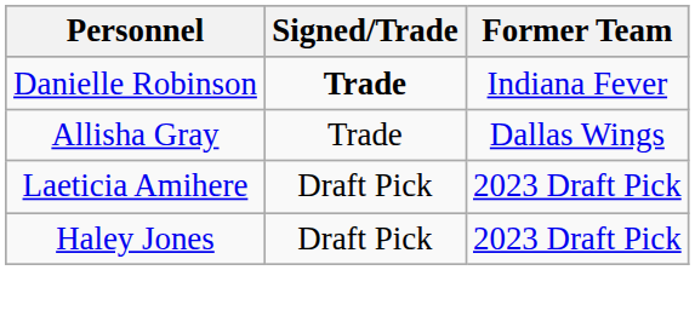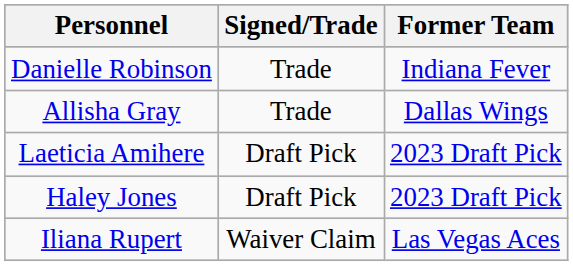 <table class="wikitable" style="text-align: center">
 <tr align="center" bgcolor="#dddddd">
 <th><strong>Personnel</strong></th>
 <th><strong>Signed/Trade</strong></th>
 <th><strong>Former Team</strong></th>
 </tr>
 <tr>
 <td><a href='#'>Danielle Robinson</a></td>
-<td><strong>Trade</strong></td>
+<td>Trade</td>
 <td><a href='#'>Indiana Fever</a></td>
 </tr>
 <tr>
 <td><a href='#'>Allisha Gray</a></td>
 <td>Trade</td>
 <td><a href='#'>Dallas Wings</a></td>
 </tr>
 <tr>
 <td><a href='#'>Laeticia Amihere</a></td>
 <td>Draft Pick</td>
 <td><a href='#'>2023 Draft Pick</a></td>
 </tr>
 <tr>
 <td><a href='#'>Haley Jones</a></td>
 <td>Draft Pick</td>
 <td><a href='#'>2023 Draft Pick</a></td>
 </tr>
+<tr>
+<td><a href='#'>Iliana Rupert</a></td>
+<td>Waiver Claim</td>
+<td><a href='#'>Las Vegas Aces</a></td>
+</tr>
 </table>
